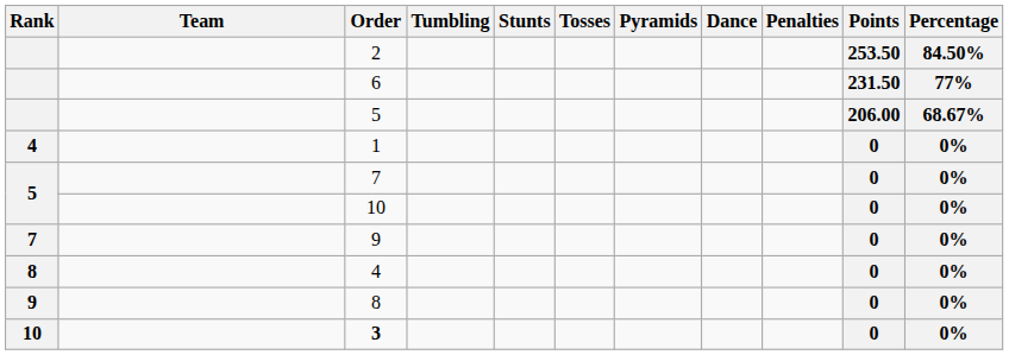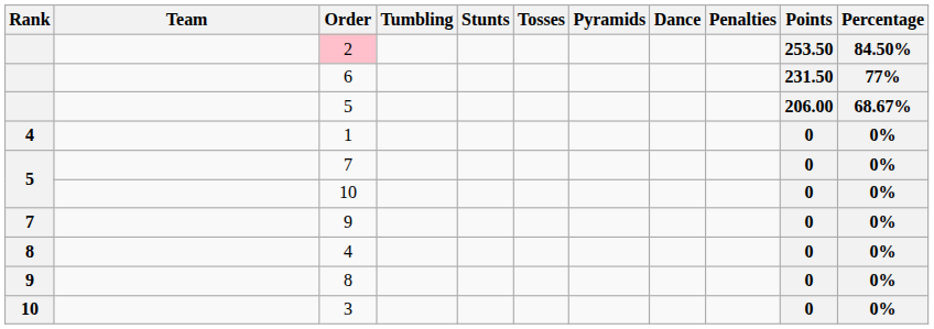 <table class="wikitable sortable" style="font-size:90%; text-align:center;">
 <tr>
 <th style="width:30px;">Rank</th>
 <th style="width:210px;">Team</th>
 <th style="width:40px;">Order</th>
 <th>Tumbling</th>
 <th>Stunts</th>
 <th>Tosses</th>
 <th>Pyramids</th>
 <th>Dance</th>
 <th>Penalties</th>
 <th>Points</th>
 <th>Percentage</th>
 </tr>
 <tr>
 <th></th>
 <td align=left></td>
-<td>2</td>
+<td style="background: pink;">2</td>
 <td></td>
 <td></td>
 <td></td>
 <td></td>
 <td></td>
 <td></td>
 <th>253.50</th>
 <th>84.50%</th>
 </tr>
 <tr>
 <th></th>
 <td align=left></td>
 <td>6</td>
 <td></td>
 <td></td>
 <td></td>
 <td></td>
 <td></td>
 <td></td>
 <th>231.50</th>
 <th>77%</th>
 </tr>
 <tr>
 <th></th>
 <td align=left></td>
 <td>5</td>
 <td></td>
 <td></td>
 <td></td>
 <td></td>
 <td></td>
 <td></td>
 <th>206.00</th>
 <th>68.67%</th>
 </tr>
 <tr>
 <th>4</th>
 <td align=left></td>
 <td>1</td>
 <td></td>
 <td></td>
 <td></td>
 <td></td>
 <td></td>
 <td></td>
 <th>0</th>
 <th>0%</th>
 </tr>
 <tr>
 <th rowspan=2>5</th>
 <td align=left></td>
 <td>7</td>
 <td></td>
 <td></td>
 <td></td>
 <td></td>
 <td></td>
 <td></td>
 <th>0</th>
 <th>0%</th>
 </tr>
 <tr>
 <td align=left></td>
 <td>10</td>
 <td></td>
 <td></td>
 <td></td>
 <td></td>
 <td></td>
 <td></td>
 <th>0</th>
 <th>0%</th>
 </tr>
 <tr>
 <th>7</th>
 <td align=left></td>
 <td>9</td>
 <td></td>
 <td></td>
 <td></td>
 <td></td>
 <td></td>
 <td></td>
 <th>0</th>
 <th>0%</th>
 </tr>
 <tr>
 <th>8</th>
 <td align=left></td>
 <td>4</td>
 <td></td>
 <td></td>
 <td></td>
 <td></td>
 <td></td>
 <td></td>
 <th>0</th>
 <th>0%</th>
 </tr>
 <tr>
 <th>9</th>
 <td align=left></td>
 <td>8</td>
 <td></td>
 <td></td>
 <td></td>
 <td></td>
 <td></td>
 <td></td>
 <th>0</th>
 <th>0%</th>
 </tr>
 <tr>
 <th>10</th>
 <td align=left></td>
-<td><strong>3</strong></td>
+<td>3</td>
 <td></td>
 <td></td>
 <td></td>
 <td></td>
 <td></td>
 <td></td>
 <th>0</th>
 <th>0%</th>
 </tr>
 </table>
